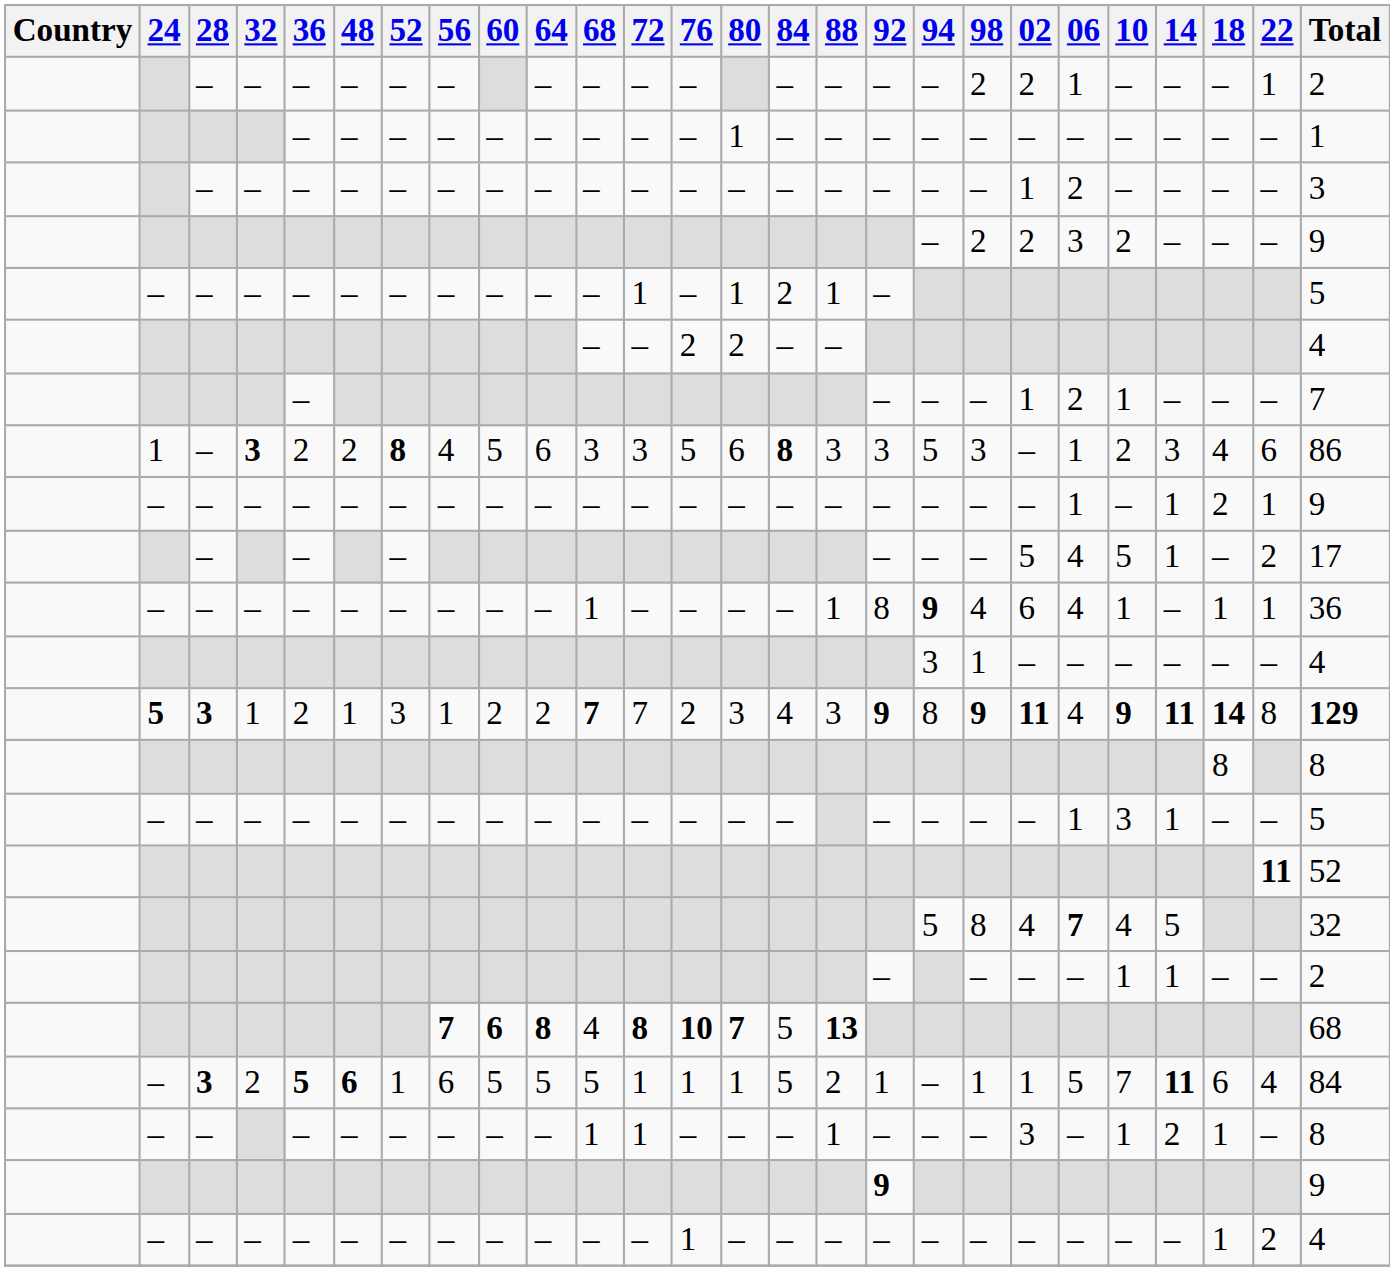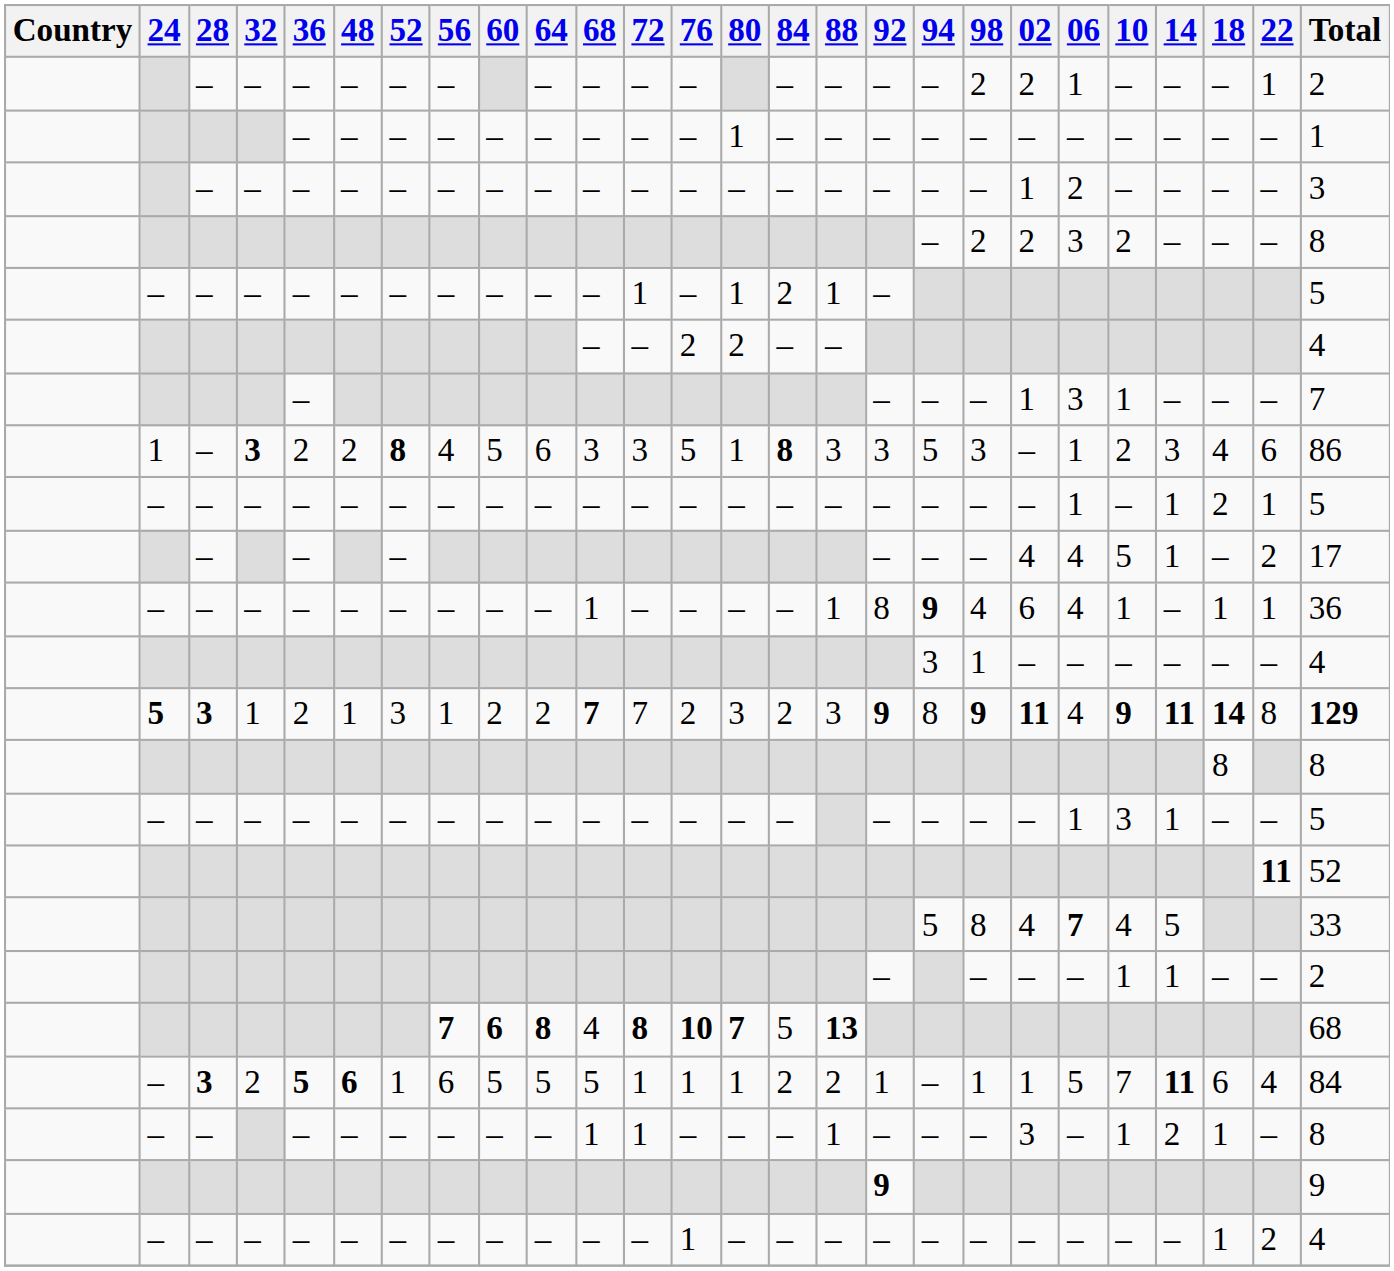 <table class=wikitable collapsible autocollapse plainrowheaders>
 <tr>
 <th>Country</th>
 <th><a href='#'>24</a></th>
 <th><a href='#'>28</a></th>
 <th><a href='#'>32</a></th>
 <th><a href='#'>36</a></th>
 <th><a href='#'>48</a></th>
 <th><a href='#'>52</a></th>
 <th><a href='#'>56</a></th>
 <th><a href='#'>60</a></th>
 <th><a href='#'>64</a></th>
 <th><a href='#'>68</a></th>
 <th><a href='#'>72</a></th>
 <th><a href='#'>76</a></th>
 <th><a href='#'>80</a></th>
 <th><a href='#'>84</a></th>
 <th><a href='#'>88</a></th>
 <th><a href='#'>92</a></th>
 <th><a href='#'>94</a></th>
 <th><a href='#'>98</a></th>
 <th><a href='#'>02</a></th>
 <th><a href='#'>06</a></th>
 <th><a href='#'>10</a></th>
 <th><a href='#'>14</a></th>
 <th><a href='#'>18</a></th>
 <th><a href='#'>22</a></th>
 <th>Total</th>
 </tr>
 <tr>
 <td align=left></td>
 <td style="background:#ddd"> </td>
 <td>–</td>
 <td>–</td>
 <td>–</td>
 <td>–</td>
 <td>–</td>
 <td>–</td>
 <td style="background:#ddd"> </td>
 <td>–</td>
 <td>–</td>
 <td>–</td>
 <td>–</td>
 <td style="background:#ddd"> </td>
 <td>–</td>
 <td>–</td>
 <td>–</td>
 <td>–</td>
 <td>2</td>
 <td>2</td>
 <td>1</td>
 <td>–</td>
 <td>–</td>
 <td>–</td>
 <td>1</td>
 <td>2</td>
 </tr>
 <tr>
 <td align=left></td>
 <td style="background:#ddd"> </td>
 <td style="background:#ddd"> </td>
 <td style="background:#ddd"> </td>
 <td>–</td>
 <td>–</td>
 <td>–</td>
 <td>–</td>
 <td>–</td>
 <td>–</td>
 <td>–</td>
 <td>–</td>
 <td>–</td>
 <td>1</td>
 <td>–</td>
 <td>–</td>
 <td>–</td>
 <td>–</td>
 <td>–</td>
 <td>–</td>
 <td>–</td>
 <td>–</td>
 <td>–</td>
 <td>–</td>
 <td>–</td>
 <td>1</td>
 </tr>
 <tr>
 <td align=left></td>
 <td style="background:#ddd"> </td>
 <td>–</td>
 <td>–</td>
 <td>–</td>
 <td>–</td>
 <td>–</td>
 <td>–</td>
 <td>–</td>
 <td>–</td>
 <td>–</td>
 <td>–</td>
 <td>–</td>
 <td>–</td>
 <td>–</td>
 <td>–</td>
 <td>–</td>
 <td>–</td>
 <td>–</td>
 <td>1</td>
 <td>2</td>
 <td>–</td>
 <td>–</td>
 <td>–</td>
 <td>–</td>
 <td>3</td>
 </tr>
 <tr>
 <td align=left></td>
 <td style="background:#ddd"> </td>
 <td style="background:#ddd"> </td>
 <td style="background:#ddd"> </td>
 <td style="background:#ddd"> </td>
 <td style="background:#ddd"> </td>
 <td style="background:#ddd"> </td>
 <td style="background:#ddd"> </td>
 <td style="background:#ddd"> </td>
 <td style="background:#ddd"> </td>
 <td style="background:#ddd"> </td>
 <td style="background:#ddd"> </td>
 <td style="background:#ddd"> </td>
 <td style="background:#ddd"> </td>
 <td style="background:#ddd"> </td>
 <td style="background:#ddd"> </td>
 <td style="background:#ddd"> </td>
 <td>–</td>
 <td>2</td>
 <td>2</td>
 <td>3</td>
 <td>2</td>
 <td>–</td>
 <td>–</td>
 <td>–</td>
-<td>9</td>
+<td>8</td>
 </tr>
 <tr>
 <td align=left><em></em></td>
 <td>–</td>
 <td>–</td>
 <td>–</td>
 <td>–</td>
 <td>–</td>
 <td>–</td>
 <td>–</td>
 <td>–</td>
 <td>–</td>
 <td>–</td>
 <td>1</td>
 <td>–</td>
 <td>1</td>
 <td>2</td>
 <td>1</td>
 <td>–</td>
 <td style="background:#ddd"> </td>
 <td style="background:#ddd"> </td>
 <td style="background:#ddd"> </td>
 <td style="background:#ddd"> </td>
 <td style="background:#ddd"> </td>
 <td style="background:#ddd"> </td>
 <td style="background:#ddd"> </td>
 <td style="background:#ddd"> </td>
 <td>5</td>
 </tr>
 <tr>
 <td align=left><em></em></td>
 <td style="background:#ddd"> </td>
 <td style="background:#ddd"> </td>
 <td style="background:#ddd"> </td>
 <td style="background:#ddd"> </td>
 <td style="background:#ddd"> </td>
 <td style="background:#ddd"> </td>
 <td style="background:#ddd"> </td>
 <td style="background:#ddd"> </td>
 <td style="background:#ddd"> </td>
 <td>–</td>
 <td>–</td>
 <td>2</td>
 <td>2</td>
 <td>–</td>
 <td>–</td>
 <td style="background:#ddd"> </td>
 <td style="background:#ddd"> </td>
 <td style="background:#ddd"> </td>
 <td style="background:#ddd"> </td>
 <td style="background:#ddd"> </td>
 <td style="background:#ddd"> </td>
 <td style="background:#ddd"> </td>
 <td style="background:#ddd"> </td>
 <td style="background:#ddd"> </td>
 <td>4</td>
 </tr>
 <tr>
 <td align=left></td>
 <td style="background:#ddd"> </td>
 <td style="background:#ddd"> </td>
 <td style="background:#ddd"> </td>
 <td>–</td>
 <td style="background:#ddd"> </td>
 <td style="background:#ddd"> </td>
 <td style="background:#ddd"> </td>
 <td style="background:#ddd"> </td>
 <td style="background:#ddd"> </td>
 <td style="background:#ddd"> </td>
 <td style="background:#ddd"> </td>
 <td style="background:#ddd"> </td>
 <td style="background:#ddd"> </td>
 <td style="background:#ddd"> </td>
 <td style="background:#ddd"> </td>
 <td>–</td>
 <td>–</td>
 <td>–</td>
 <td>1</td>
-<td>2</td>
+<td>3</td>
 <td>1</td>
 <td>–</td>
 <td>–</td>
 <td>–</td>
 <td>7</td>
 </tr>
 <tr>
 <td align=left></td>
 <td>1</td>
 <td>–</td>
 <td><strong>3</strong></td>
 <td>2</td>
 <td>2</td>
 <td><strong>8</strong></td>
 <td>4</td>
 <td>5</td>
 <td>6</td>
 <td>3</td>
 <td>3</td>
 <td>5</td>
-<td>6</td>
+<td>1</td>
 <td><strong>8</strong></td>
 <td>3</td>
 <td>3</td>
 <td>5</td>
 <td>3</td>
 <td>–</td>
 <td>1</td>
 <td>2</td>
 <td>3</td>
 <td>4</td>
 <td>6</td>
 <td>86</td>
 </tr>
 <tr>
 <td align=left></td>
 <td>–</td>
 <td>–</td>
 <td>–</td>
 <td>–</td>
 <td>–</td>
 <td>–</td>
 <td>–</td>
 <td>–</td>
 <td>–</td>
 <td>–</td>
 <td>–</td>
 <td>–</td>
 <td>–</td>
 <td>–</td>
 <td>–</td>
 <td>–</td>
 <td>–</td>
 <td>–</td>
 <td>–</td>
 <td>1</td>
 <td>–</td>
 <td>1</td>
 <td>2</td>
 <td>1</td>
-<td>9</td>
+<td>5</td>
 </tr>
 <tr>
 <td align=left></td>
 <td style="background:#ddd"> </td>
 <td>–</td>
 <td style="background:#ddd"> </td>
 <td>–</td>
 <td style="background:#ddd"> </td>
 <td>–</td>
 <td style="background:#ddd"> </td>
 <td style="background:#ddd"> </td>
 <td style="background:#ddd"> </td>
 <td style="background:#ddd"> </td>
 <td style="background:#ddd"> </td>
 <td style="background:#ddd"> </td>
 <td style="background:#ddd"> </td>
 <td style="background:#ddd"> </td>
 <td style="background:#ddd"> </td>
 <td>–</td>
 <td>–</td>
 <td>–</td>
-<td>5</td>
+<td>4</td>
 <td>4</td>
 <td>5</td>
 <td>1</td>
 <td>–</td>
 <td>2</td>
 <td>17</td>
 </tr>
 <tr>
 <td align=left></td>
 <td>–</td>
 <td>–</td>
 <td>–</td>
 <td>–</td>
 <td>–</td>
 <td>–</td>
 <td>–</td>
 <td>–</td>
 <td>–</td>
 <td>1</td>
 <td>–</td>
 <td>–</td>
 <td>–</td>
 <td>–</td>
 <td>1</td>
 <td>8</td>
 <td><strong>9</strong></td>
 <td>4</td>
 <td>6</td>
 <td>4</td>
 <td>1</td>
 <td>–</td>
 <td>1</td>
 <td>1</td>
 <td>36</td>
 </tr>
 <tr>
 <td align=left></td>
 <td style="background:#ddd"> </td>
 <td style="background:#ddd"> </td>
 <td style="background:#ddd"> </td>
 <td style="background:#ddd"> </td>
 <td style="background:#ddd"> </td>
 <td style="background:#ddd"> </td>
 <td style="background:#ddd"> </td>
 <td style="background:#ddd"> </td>
 <td style="background:#ddd"> </td>
 <td style="background:#ddd"> </td>
 <td style="background:#ddd"> </td>
 <td style="background:#ddd"> </td>
 <td style="background:#ddd"> </td>
 <td style="background:#ddd"> </td>
 <td style="background:#ddd"> </td>
 <td style="background:#ddd"> </td>
 <td>3</td>
 <td>1</td>
 <td>–</td>
 <td>–</td>
 <td>–</td>
 <td>–</td>
 <td>–</td>
 <td>–</td>
 <td>4</td>
 </tr>
 <tr>
 <td align=left></td>
 <td><strong>5</strong></td>
 <td><strong>3</strong></td>
 <td>1</td>
 <td>2</td>
 <td>1</td>
 <td>3</td>
 <td>1</td>
 <td>2</td>
 <td>2</td>
 <td><strong>7</strong></td>
 <td>7</td>
 <td>2</td>
 <td>3</td>
-<td>4</td>
+<td>2</td>
 <td>3</td>
 <td><strong>9</strong></td>
 <td>8</td>
 <td><strong>9</strong></td>
 <td><strong>11</strong></td>
 <td>4</td>
 <td><strong>9</strong></td>
 <td><strong>11</strong></td>
 <td><strong>14</strong></td>
 <td>8</td>
 <td><strong>129</strong></td>
 </tr>
 <tr>
 <td align=left><em></em></td>
 <td style="background:#ddd"> </td>
 <td style="background:#ddd"> </td>
 <td style="background:#ddd"> </td>
 <td style="background:#ddd"> </td>
 <td style="background:#ddd"> </td>
 <td style="background:#ddd"> </td>
 <td style="background:#ddd"> </td>
 <td style="background:#ddd"> </td>
 <td style="background:#ddd"> </td>
 <td style="background:#ddd"> </td>
 <td style="background:#ddd"> </td>
 <td style="background:#ddd"> </td>
 <td style="background:#ddd"> </td>
 <td style="background:#ddd"> </td>
 <td style="background:#ddd"> </td>
 <td style="background:#ddd"> </td>
 <td style="background:#ddd"> </td>
 <td style="background:#ddd"> </td>
 <td style="background:#ddd"> </td>
 <td style="background:#ddd"> </td>
 <td style="background:#ddd"> </td>
 <td style="background:#ddd"> </td>
 <td>8</td>
 <td style="background:#ddd"> </td>
 <td>8</td>
 </tr>
 <tr>
 <td align=left></td>
 <td>–</td>
 <td>–</td>
 <td>–</td>
 <td>–</td>
 <td>–</td>
 <td>–</td>
 <td>–</td>
 <td>–</td>
 <td>–</td>
 <td>–</td>
 <td>–</td>
 <td>–</td>
 <td>–</td>
 <td>–</td>
 <td style="background:#ddd"> </td>
 <td>–</td>
 <td>–</td>
 <td>–</td>
 <td>–</td>
 <td>1</td>
 <td>3</td>
 <td>1</td>
 <td>–</td>
 <td>–</td>
 <td>5</td>
 </tr>
 <tr>
 <td align=left><em> </em></td>
 <td style="background:#ddd"> </td>
 <td style="background:#ddd"> </td>
 <td style="background:#ddd"> </td>
 <td style="background:#ddd"> </td>
 <td style="background:#ddd"> </td>
 <td style="background:#ddd"> </td>
 <td style="background:#ddd"> </td>
 <td style="background:#ddd"> </td>
 <td style="background:#ddd"> </td>
 <td style="background:#ddd"> </td>
 <td style="background:#ddd"> </td>
 <td style="background:#ddd"> </td>
 <td style="background:#ddd"> </td>
 <td style="background:#ddd"> </td>
 <td style="background:#ddd"> </td>
 <td style="background:#ddd"> </td>
 <td style="background:#ddd"> </td>
 <td style="background:#ddd"> </td>
 <td style="background:#ddd"> </td>
 <td style="background:#ddd"> </td>
 <td style="background:#ddd"> </td>
 <td style="background:#ddd"> </td>
 <td style="background:#ddd"> </td>
 <td><strong>11</strong></td>
 <td>52</td>
 </tr>
 <tr>
 <td align=left></td>
 <td style="background:#ddd"> </td>
 <td style="background:#ddd"> </td>
 <td style="background:#ddd"> </td>
 <td style="background:#ddd"> </td>
 <td style="background:#ddd"> </td>
 <td style="background:#ddd"> </td>
 <td style="background:#ddd"> </td>
 <td style="background:#ddd"> </td>
 <td style="background:#ddd"> </td>
 <td style="background:#ddd"> </td>
 <td style="background:#ddd"> </td>
 <td style="background:#ddd"> </td>
 <td style="background:#ddd"> </td>
 <td style="background:#ddd"> </td>
 <td style="background:#ddd"> </td>
 <td style="background:#ddd"> </td>
 <td>5</td>
 <td>8</td>
 <td>4</td>
 <td><strong>7</strong></td>
 <td>4</td>
 <td>5</td>
 <td style="background:#ddd"> </td>
 <td style="background:#ddd"> </td>
-<td>32</td>
+<td>33</td>
 </tr>
 <tr>
 <td align=left></td>
 <td style="background:#ddd"> </td>
 <td style="background:#ddd"> </td>
 <td style="background:#ddd"> </td>
 <td style="background:#ddd"> </td>
 <td style="background:#ddd"> </td>
 <td style="background:#ddd"> </td>
 <td style="background:#ddd"> </td>
 <td style="background:#ddd"> </td>
 <td style="background:#ddd"> </td>
 <td style="background:#ddd"> </td>
 <td style="background:#ddd"> </td>
 <td style="background:#ddd"> </td>
 <td style="background:#ddd"> </td>
 <td style="background:#ddd"> </td>
 <td style="background:#ddd"> </td>
 <td>–</td>
 <td style="background:#ddd"> </td>
 <td>–</td>
 <td>–</td>
 <td>–</td>
 <td>1</td>
 <td>1</td>
 <td>–</td>
 <td>–</td>
 <td>2</td>
 </tr>
 <tr>
 <td align=left><em></em></td>
 <td style="background:#ddd"> </td>
 <td style="background:#ddd"> </td>
 <td style="background:#ddd"> </td>
 <td style="background:#ddd"> </td>
 <td style="background:#ddd"> </td>
 <td style="background:#ddd"> </td>
 <td><strong>7</strong></td>
 <td><strong>6</strong></td>
 <td><strong>8</strong></td>
 <td>4</td>
 <td><strong>8</strong></td>
 <td><strong>10</strong></td>
 <td><strong>7</strong></td>
 <td>5</td>
 <td><strong>13</strong></td>
 <td style="background:#ddd"> </td>
 <td style="background:#ddd"> </td>
 <td style="background:#ddd"> </td>
 <td style="background:#ddd"> </td>
 <td style="background:#ddd"> </td>
 <td style="background:#ddd"> </td>
 <td style="background:#ddd"> </td>
 <td style="background:#ddd"> </td>
 <td style="background:#ddd"> </td>
 <td>68</td>
 </tr>
 <tr>
 <td align=left></td>
 <td>–</td>
 <td><strong>3</strong></td>
 <td>2</td>
 <td><strong>5</strong></td>
 <td><strong>6</strong></td>
 <td>1</td>
 <td>6</td>
 <td>5</td>
 <td>5</td>
 <td>5</td>
 <td>1</td>
 <td>1</td>
 <td>1</td>
-<td>5</td>
+<td>2</td>
 <td>2</td>
 <td>1</td>
 <td>–</td>
 <td>1</td>
 <td>1</td>
 <td>5</td>
 <td>7</td>
 <td><strong>11</strong></td>
 <td>6</td>
 <td>4</td>
 <td>84</td>
 </tr>
 <tr>
 <td align=left></td>
 <td>–</td>
 <td>–</td>
 <td style="background:#ddd"> </td>
 <td>–</td>
 <td>–</td>
 <td>–</td>
 <td>–</td>
 <td>–</td>
 <td>–</td>
 <td>1</td>
 <td>1</td>
 <td>–</td>
 <td>–</td>
 <td>–</td>
 <td>1</td>
 <td>–</td>
 <td>–</td>
 <td>–</td>
 <td>3</td>
 <td>–</td>
 <td>1</td>
 <td>2</td>
 <td>1</td>
 <td>–</td>
 <td>8</td>
 </tr>
 <tr>
 <td align=left><em></em></td>
 <td style="background:#ddd"> </td>
 <td style="background:#ddd"> </td>
 <td style="background:#ddd"> </td>
 <td style="background:#ddd"> </td>
 <td style="background:#ddd"> </td>
 <td style="background:#ddd"> </td>
 <td style="background:#ddd"> </td>
 <td style="background:#ddd"> </td>
 <td style="background:#ddd"> </td>
 <td style="background:#ddd"> </td>
 <td style="background:#ddd"> </td>
 <td style="background:#ddd"> </td>
 <td style="background:#ddd"> </td>
 <td style="background:#ddd"> </td>
 <td style="background:#ddd"> </td>
 <td><strong>9</strong></td>
 <td style="background:#ddd"> </td>
 <td style="background:#ddd"> </td>
 <td style="background:#ddd"> </td>
 <td style="background:#ddd"> </td>
 <td style="background:#ddd"> </td>
 <td style="background:#ddd"> </td>
 <td style="background:#ddd"> </td>
 <td style="background:#ddd"> </td>
 <td>9</td>
 </tr>
 <tr>
 <td align=left></td>
 <td>–</td>
 <td>–</td>
 <td>–</td>
 <td>–</td>
 <td>–</td>
 <td>–</td>
 <td>–</td>
 <td>–</td>
 <td>–</td>
 <td>–</td>
 <td>–</td>
 <td>1</td>
 <td>–</td>
 <td>–</td>
 <td>–</td>
 <td>–</td>
 <td>–</td>
 <td>–</td>
 <td>–</td>
 <td>–</td>
 <td>–</td>
 <td>–</td>
 <td>1</td>
 <td>2</td>
 <td>4</td>
 </tr>
 <tr>
 </tr>
 </table>
